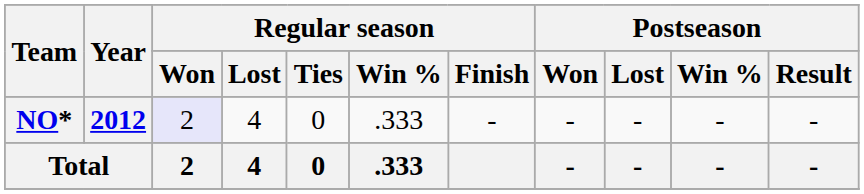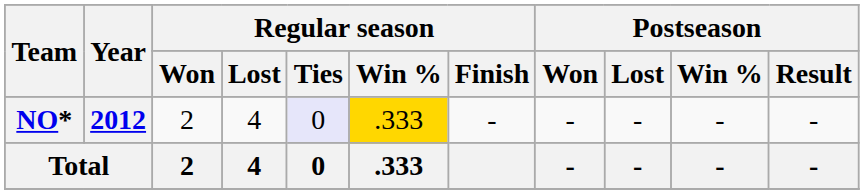 <table class="wikitable" style="font-size: 95%; text-align:center;">
 <tr>
 <th rowspan=2>Team</th>
 <th rowspan=2>Year</th>
 <th colspan=5>Regular season</th>
 <th colspan=4>Postseason</th>
 </tr>
 <tr>
 <th>Won</th>
 <th>Lost</th>
 <th>Ties</th>
 <th>Win %</th>
 <th>Finish</th>
 <th>Won</th>
 <th>Lost</th>
 <th>Win %</th>
 <th>Result</th>
 </tr>
 <tr>
 <th><a href='#'>NO</a>*</th>
 <th><a href='#'>2012</a></th>
-<td style="background: lavender;">2</td>
+<td>2</td>
 <td>4</td>
-<td>0</td>
-<td>.333</td>
+<td style="background: lavender;">0</td>
+<td style="background: gold;">.333</td>
 <td><em>-</em></td>
 <td>-</td>
 <td>-</td>
 <td>-</td>
 <td>-</td>
 </tr>
 <tr>
 <th colspan=2>Total</th>
 <th>2</th>
 <th>4</th>
 <th>0</th>
 <th>.333</th>
 <th></th>
 <th>-</th>
 <th>-</th>
 <th>-</th>
 <th>-</th>
 </tr>
 <tr>
 </tr>
 </table>
